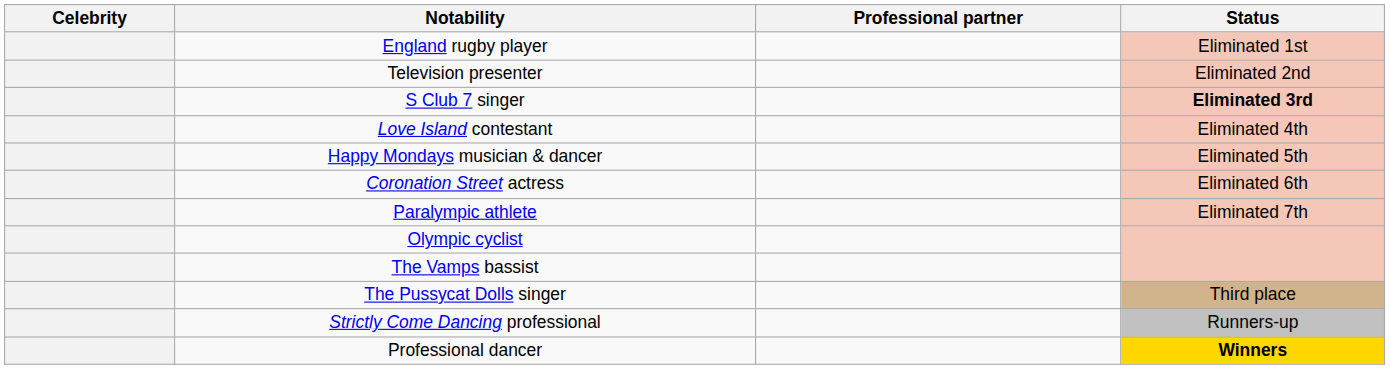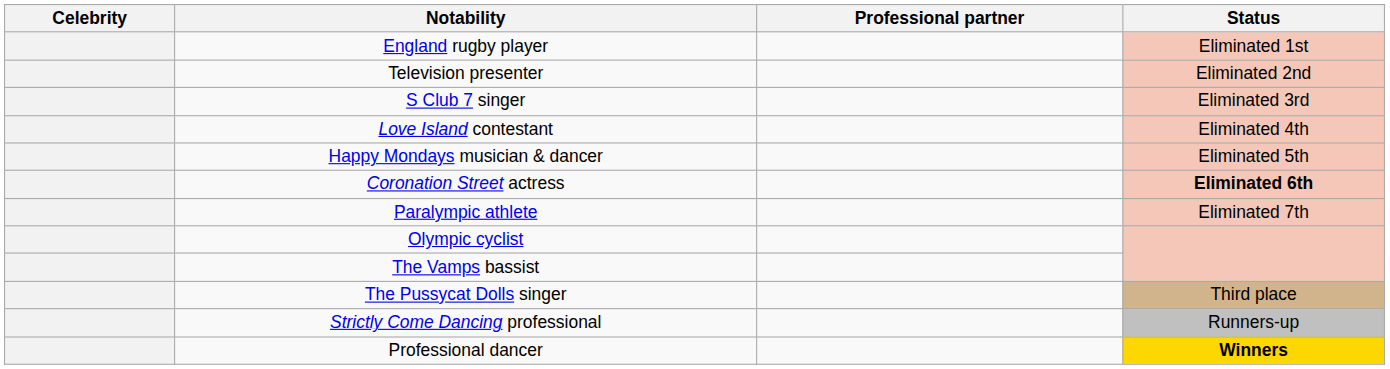 <table class="wikitable sortable" style="text-align:center; width:80%">
 <tr>
 <th scope="col">Celebrity</th>
 <th scope="col" class="unsortable">Notability</th>
 <th scope="col">Professional partner</th>
 <th scope="col">Status</th>
 </tr>
 <tr>
 <th scope="row"></th>
 <td><a href='#'>England</a> rugby player</td>
 <td></td>
 <td bgcolor="f4c7b8">Eliminated 1st</td>
 </tr>
 <tr>
 <th scope="row"></th>
 <td>Television presenter</td>
 <td></td>
 <td bgcolor="f4c7b8">Eliminated 2nd</td>
 </tr>
 <tr>
 <th scope="row"></th>
 <td><a href='#'>S Club 7</a> singer</td>
 <td></td>
-<td bgcolor="f4c7b8"><strong>Eliminated 3rd</strong></td>
+<td bgcolor="f4c7b8">Eliminated 3rd</td>
 </tr>
 <tr>
 <th scope="row"></th>
 <td><em><a href='#'>Love Island</a></em> contestant</td>
 <td></td>
 <td bgcolor="f4c7b8">Eliminated 4th</td>
 </tr>
 <tr>
 <th scope="row"></th>
 <td><a href='#'>Happy Mondays</a> musician & dancer</td>
 <td></td>
 <td bgcolor="f4c7b8">Eliminated 5th</td>
 </tr>
 <tr>
 <th scope="row"></th>
 <td><em><a href='#'>Coronation Street</a></em> actress</td>
 <td></td>
-<td bgcolor="f4c7b8">Eliminated 6th</td>
+<td bgcolor="f4c7b8"><strong>Eliminated 6th</strong></td>
 </tr>
 <tr>
 <th scope="row"></th>
 <td><a href='#'>Paralympic athlete</a></td>
 <td></td>
 <td bgcolor="f4c7b8">Eliminated 7th</td>
 </tr>
 <tr>
 <th scope="row"></th>
 <td><a href='#'>Olympic cyclist</a></td>
 <td></td>
 <td rowspan="2" bgcolor="f4c7b8"></td>
 </tr>
 <tr>
 <th scope="row"></th>
 <td><a href='#'>The Vamps</a> bassist</td>
 <td></td>
 </tr>
 <tr>
 <th scope="row"></th>
 <td><a href='#'>The Pussycat Dolls</a> singer</td>
 <td></td>
 <td bgcolor="tan">Third place</td>
 </tr>
 <tr>
 <th scope="row"></th>
 <td><em><a href='#'>Strictly Come Dancing</a></em> professional</td>
 <td></td>
 <td bgcolor="silver">Runners-up</td>
 </tr>
 <tr>
 <th scope="row"></th>
 <td>Professional dancer</td>
 <td></td>
 <td bgcolor="gold"><strong>Winners</strong></td>
 </tr>
 </table>
